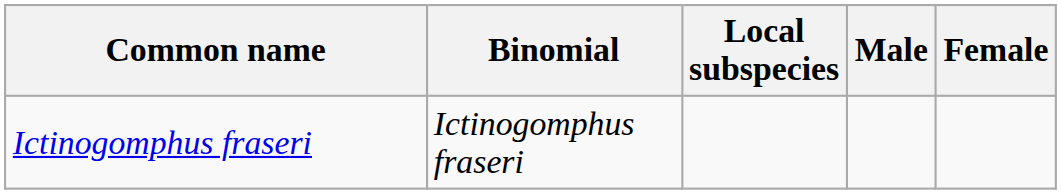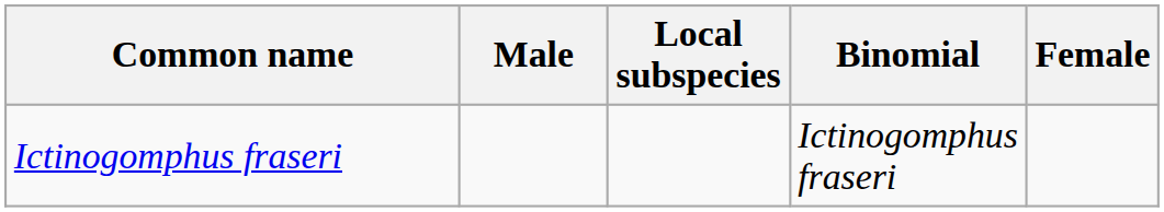 <table width=80% class="wikitable">
 <tr>
 <th width=70%>Common name</th>
+<th width=20%>Male</th>
+<th width=20%>Local subspecies</th>
 <th width=160%>Binomial</th>
-<th width=20%>Local subspecies</th>
-<th width=20%>Male</th>
 <th width=20%>Female</th>
 </tr>
 <tr>
 <td><em><a href='#'>Ictinogomphus fraseri</a></em></td>
-<td><em>Ictinogomphus fraseri</em></td>
 <td></td>
 <td></td>
+<td><em>Ictinogomphus fraseri</em></td>
 <td></td>
 </tr>
 </table>
